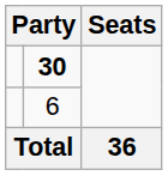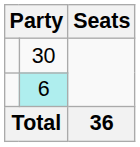 <table class="wikitable">
 <tr>
 <th colspan=2>Party</th>
 <th>Seats</th>
 </tr>
 <tr>
 <td></td>
-<td align=center><strong>30</strong></td>
+<td align=center>30</td>
 </tr>
 <tr>
 <td></td>
-<td align=center>6</td>
+<td align=center style="background: paleturquoise;">6</td>
 </tr>
 <tr>
 <th colspan=2>Total</th>
 <th>36</th>
 </tr>
 </table>
